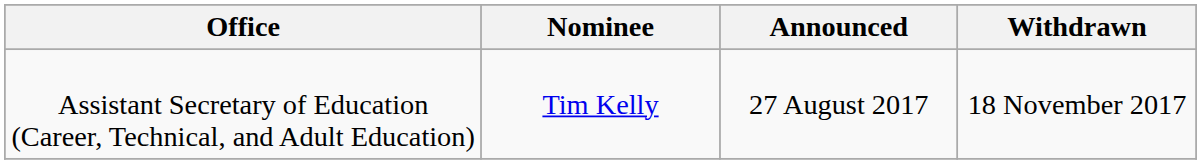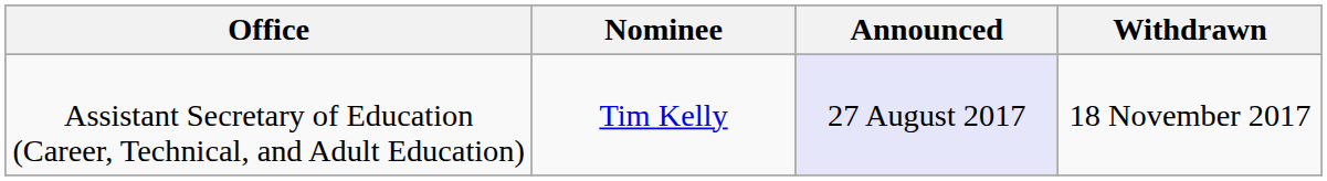 <table class="wikitable sortable" style="text-align:center">
 <tr>
 <th style="width:40%;">Office</th>
 <th style="width:20%;">Nominee</th>
 <th style="width:20%;">Announced</th>
 <th style="width:20%;">Withdrawn</th>
 </tr>
 <tr>
 <td><br>Assistant Secretary of Education<br>(Career, Technical, and Adult Education)</td>
 <td><a href='#'>Tim Kelly</a></td>
-<td>27 August 2017</td>
+<td style="background: lavender;">27 August 2017</td>
 <td>18 November 2017</td>
 </tr>
 </table>
